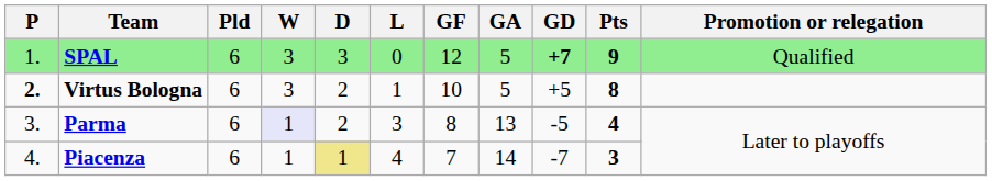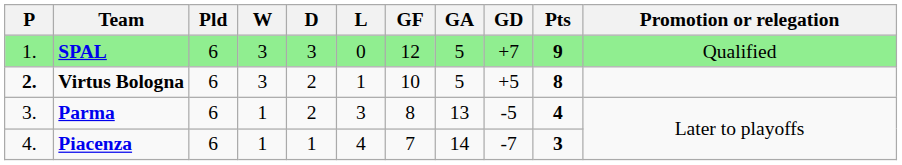 <table class="wikitable sortable" style="text-align: center;">
 <tr>
 <th width=33>P<br></th>
 <th>Team<br></th>
 <th width=33>Pld<br></th>
 <th width=33>W<br></th>
 <th width=33>D<br></th>
 <th width=33>L<br></th>
 <th width=33>GF<br></th>
 <th width=33>GA<br></th>
 <th width=33>GD<br></th>
 <th width=33>Pts<br></th>
 <th class="unsortable" width=250>Promotion or relegation<br></th>
 </tr>
 <tr style="background: #90EE90;">
 <td>1.</td>
 <td align="left"><strong><a href='#'>SPAL</a></strong></td>
 <td>6</td>
 <td>3</td>
 <td>3</td>
 <td>0</td>
 <td>12</td>
 <td>5</td>
-<td><strong>+7</strong></td>
+<td>+7</td>
 <td><strong>9</strong></td>
 <td>Qualified</td>
 </tr>
 <tr>
 <td><strong>2.</strong></td>
 <td align="left"><strong>Virtus Bologna</strong></td>
 <td>6</td>
 <td>3</td>
 <td>2</td>
 <td>1</td>
 <td>10</td>
 <td>5</td>
 <td>+5</td>
 <td><strong>8</strong></td>
 </tr>
 <tr>
 <td>3.</td>
 <td align="left"><strong><a href='#'>Parma</a></strong></td>
 <td>6</td>
-<td style="background: lavender;">1</td>
+<td>1</td>
 <td>2</td>
 <td>3</td>
 <td>8</td>
 <td>13</td>
 <td>-5</td>
 <td><strong>4</strong></td>
 <td rowspan=2>Later to playoffs</td>
 </tr>
 <tr>
 <td>4.</td>
 <td align="left"><strong><a href='#'>Piacenza</a></strong></td>
 <td>6</td>
 <td>1</td>
-<td style="background: khaki;">1</td>
+<td>1</td>
 <td>4</td>
 <td>7</td>
 <td>14</td>
 <td>-7</td>
 <td><strong>3</strong></td>
 </tr>
 </table>
